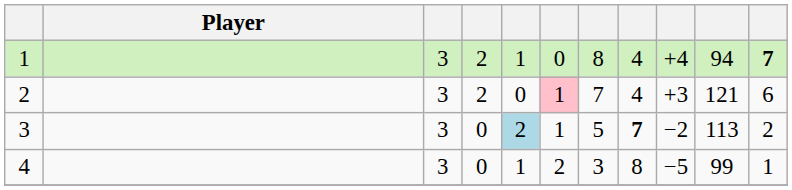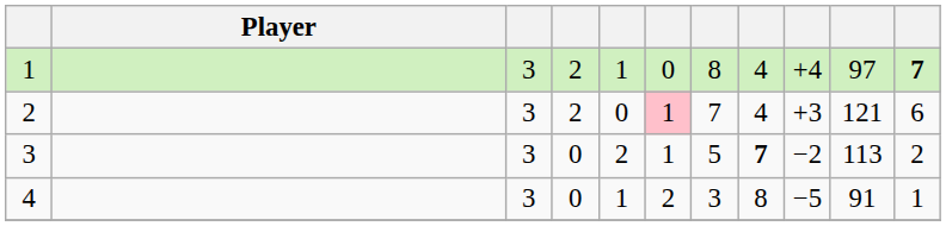 <table class="wikitable" style="text-align:center;">
 <tr>
 <th width=20></th>
 <th width=260>Player</th>
 <th width=20></th>
 <th width=20></th>
 <th width=20></th>
 <th width=20></th>
 <th width=20></th>
 <th width=20></th>
 <th width=20></th>
 <th width=30></th>
 <th width=20></th>
 </tr>
 <tr style="background:#D0F0C0;">
 <td>1</td>
 <td align=left> <small></small></td>
 <td>3</td>
 <td>2</td>
 <td>1</td>
 <td>0</td>
 <td>8</td>
 <td>4</td>
 <td>+4</td>
-<td>94</td>
+<td>97</td>
 <td><strong>7</strong></td>
 </tr>
 <tr>
 <td>2</td>
 <td align=left> <small></small></td>
 <td>3</td>
 <td>2</td>
 <td>0</td>
 <td style="background: pink;">1</td>
 <td>7</td>
 <td>4</td>
 <td>+3</td>
 <td>121</td>
 <td>6</td>
 </tr>
 <tr>
 <td>3</td>
 <td align=left> <small></small></td>
 <td>3</td>
 <td>0</td>
-<td style="background: lightblue;">2</td>
+<td>2</td>
 <td>1</td>
 <td>5</td>
 <td><strong>7</strong></td>
 <td>−2</td>
 <td>113</td>
 <td>2</td>
 </tr>
 <tr>
 <td>4</td>
 <td align=left> <small></small></td>
 <td>3</td>
 <td>0</td>
 <td>1</td>
 <td>2</td>
 <td>3</td>
 <td>8</td>
 <td>−5</td>
-<td>99</td>
+<td>91</td>
 <td>1</td>
 </tr>
 <tr>
 </tr>
 </table>
